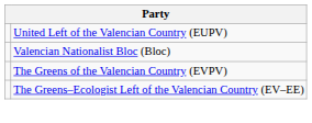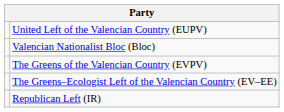 <table class="wikitable" style="text-align:left; font-size:97%;">
 <tr>
 <th colspan="2">Party</th>
 </tr>
 <tr>
 <td width="1"></td>
 <td><a href='#'>United Left of the Valencian Country</a> (EUPV)</td>
 </tr>
 <tr>
 <td></td>
 <td><a href='#'>Valencian Nationalist Bloc</a> (Bloc)</td>
 </tr>
 <tr>
 <td></td>
 <td><a href='#'>The Greens of the Valencian Country</a> (EVPV)</td>
 </tr>
 <tr>
 <td></td>
 <td><a href='#'>The Greens–Ecologist Left of the Valencian Country</a> (EV–EE)</td>
 </tr>
+<tr>
+<td></td>
+<td><a href='#'>Republican Left</a> (IR)</td>
+</tr>
 </table>
